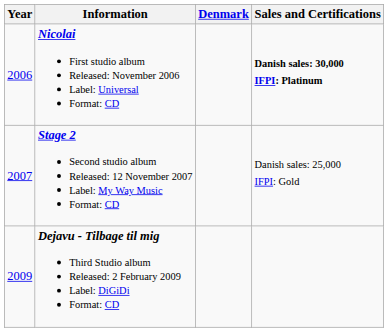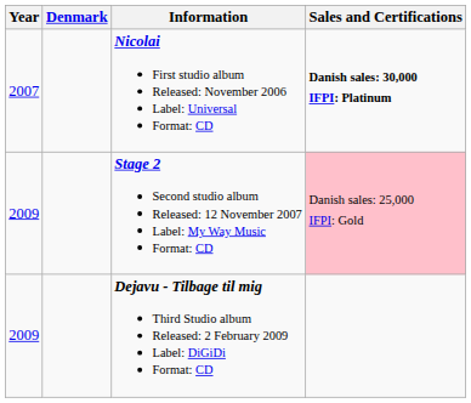 <table class="wikitable">
 <tr>
 <th align="center" rowspan="1">Year</th>
+<th align="center" rowspan="1"><a href='#'>Denmark</a></th>
 <th align="center" rowspan="1">Information</th>
-<th align="center" rowspan="1"><a href='#'>Denmark</a></th>
 <th align="center" rowspan="1">Sales and Certifications</th>
 </tr>
 <tr>
-<td><a href='#'>2006</a></td>
+<td><a href='#'>2007</a></td>
+<td></td>
 <td><strong><em><a href='#'>Nicolai</a></em></strong><br><ul><li><small>First studio album</small></li><li><small>Released: November 2006</small></li><li><small>Label: <a href='#'>Universal</a></small></li><li><small>Format: <a href='#'>CD</a></small></li></ul></td>
-<td></td>
 <td><strong><sup>Danish sales: 30,000 <br> <a href='#'>IFPI</a>: Platinum</sup></strong></td>
 </tr>
 <tr>
-<td><a href='#'>2007</a></td>
+<td><a href='#'>2009</a></td>
+<td></td>
 <td><strong><em><a href='#'>Stage 2</a></em></strong><br><ul><li><small>Second studio album</small></li><li><small>Released: 12 November 2007</small></li><li><small>Label: <a href='#'>My Way Music</a></small></li><li><small>Format: <a href='#'>CD</a></small></li></ul></td>
-<td></td>
-<td><sup>Danish sales: 25,000 <br> <a href='#'>IFPI</a>: Gold</sup></td>
+<td style="background: pink;"><sup>Danish sales: 25,000 <br> <a href='#'>IFPI</a>: Gold</sup></td>
 </tr>
 <tr>
 <td><a href='#'>2009</a></td>
+<td></td>
 <td><strong><em>Dejavu - Tilbage til mig</em></strong><br><ul><li><small>Third Studio album</small></li><li><small>Released: 2 February 2009</small></li><li><small>Label: <a href='#'>DiGiDi</a></small></li><li><small>Format: <a href='#'>CD</a></small></li></ul></td>
-<td></td>
 <td></td>
 </tr>
 </table>
